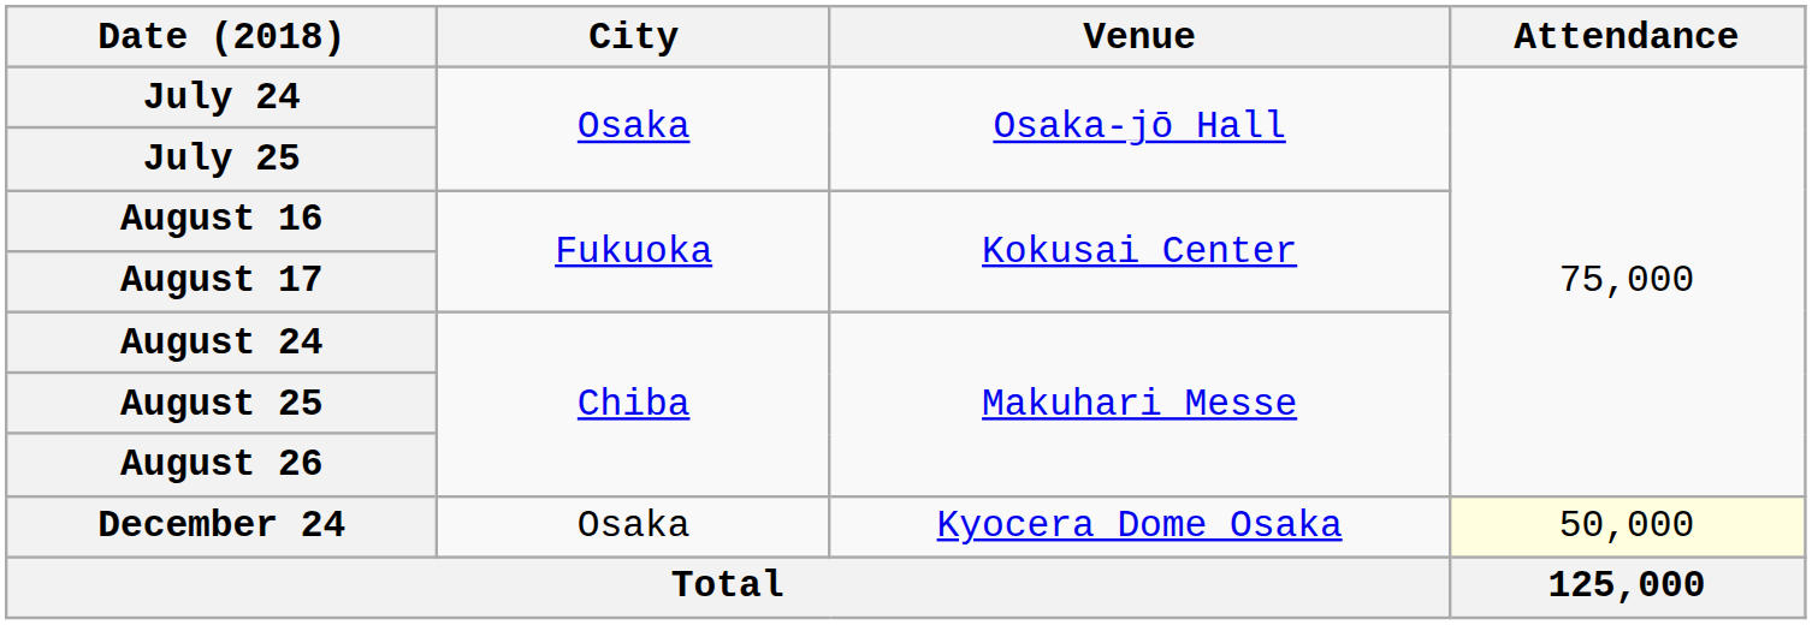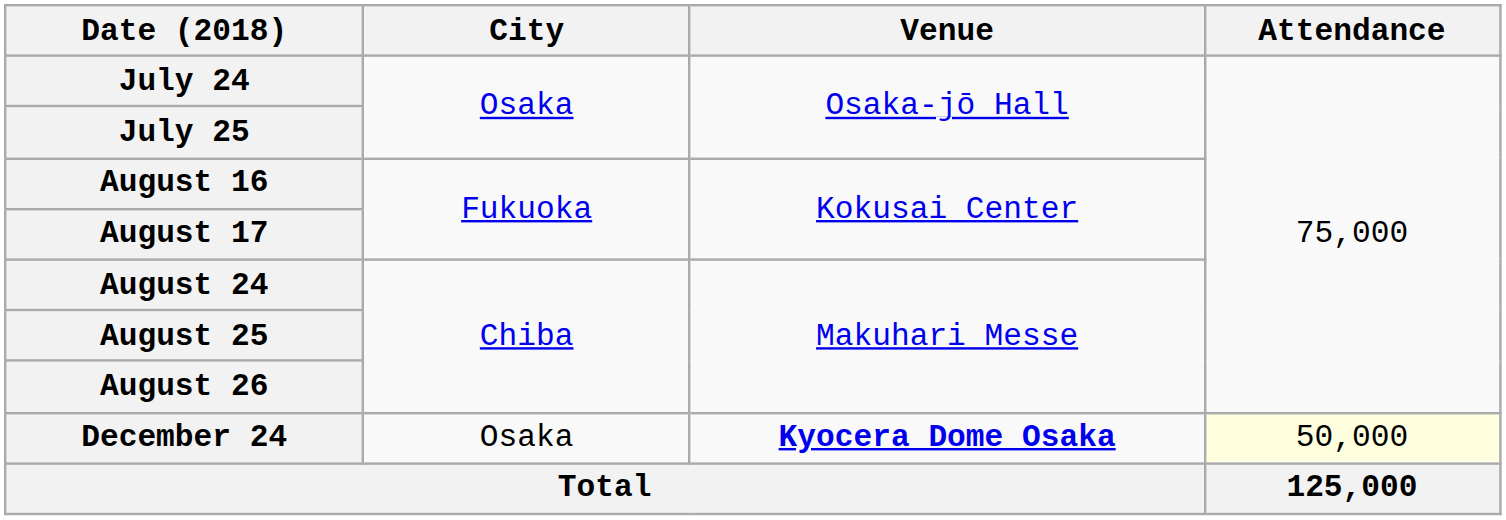 <table class="wikitable plainrowheaders" style="text-align:center;">
 <tr>
 <th scope="col" style="width:11em;">Date (2018)</th>
 <th scope="col" style="width:10em;">City</th>
 <th scope="col" style="width:16em;">Venue</th>
 <th scope="col" style="width:9em;">Attendance</th>
 </tr>
 <tr>
 <th scope="row" style="text-align:center;">July 24</th>
 <td rowspan="2"><a href='#'>Osaka</a></td>
 <td rowspan="2"><a href='#'>Osaka-jō Hall</a></td>
 <td rowspan="7">75,000</td>
 </tr>
 <tr>
 <th scope="row" style="text-align:center;">July 25</th>
 </tr>
 <tr>
 <th scope="row" style="text-align:center;">August 16</th>
 <td rowspan="2"><a href='#'>Fukuoka</a></td>
 <td rowspan="2"><a href='#'>Kokusai Center</a></td>
 </tr>
 <tr>
 <th scope="row" style="text-align:center;">August 17</th>
 </tr>
 <tr>
 <th scope="row" style="text-align:center;">August 24</th>
 <td rowspan="3"><a href='#'>Chiba</a></td>
 <td rowspan="3"><a href='#'>Makuhari Messe</a></td>
 </tr>
 <tr>
 <th scope="row" style="text-align:center;">August 25</th>
 </tr>
 <tr>
 <th scope="row" style="text-align:center;">August 26</th>
 </tr>
 <tr>
 <th scope="row" style="text-align:center;">December 24</th>
 <td>Osaka</td>
-<td><a href='#'>Kyocera Dome Osaka</a></td>
+<td><strong><a href='#'>Kyocera Dome Osaka</a></strong></td>
 <td style="background: lightyellow;">50,000</td>
 </tr>
 <tr>
 <th colspan="3">Total</th>
 <th>125,000</th>
 </tr>
 </table>
